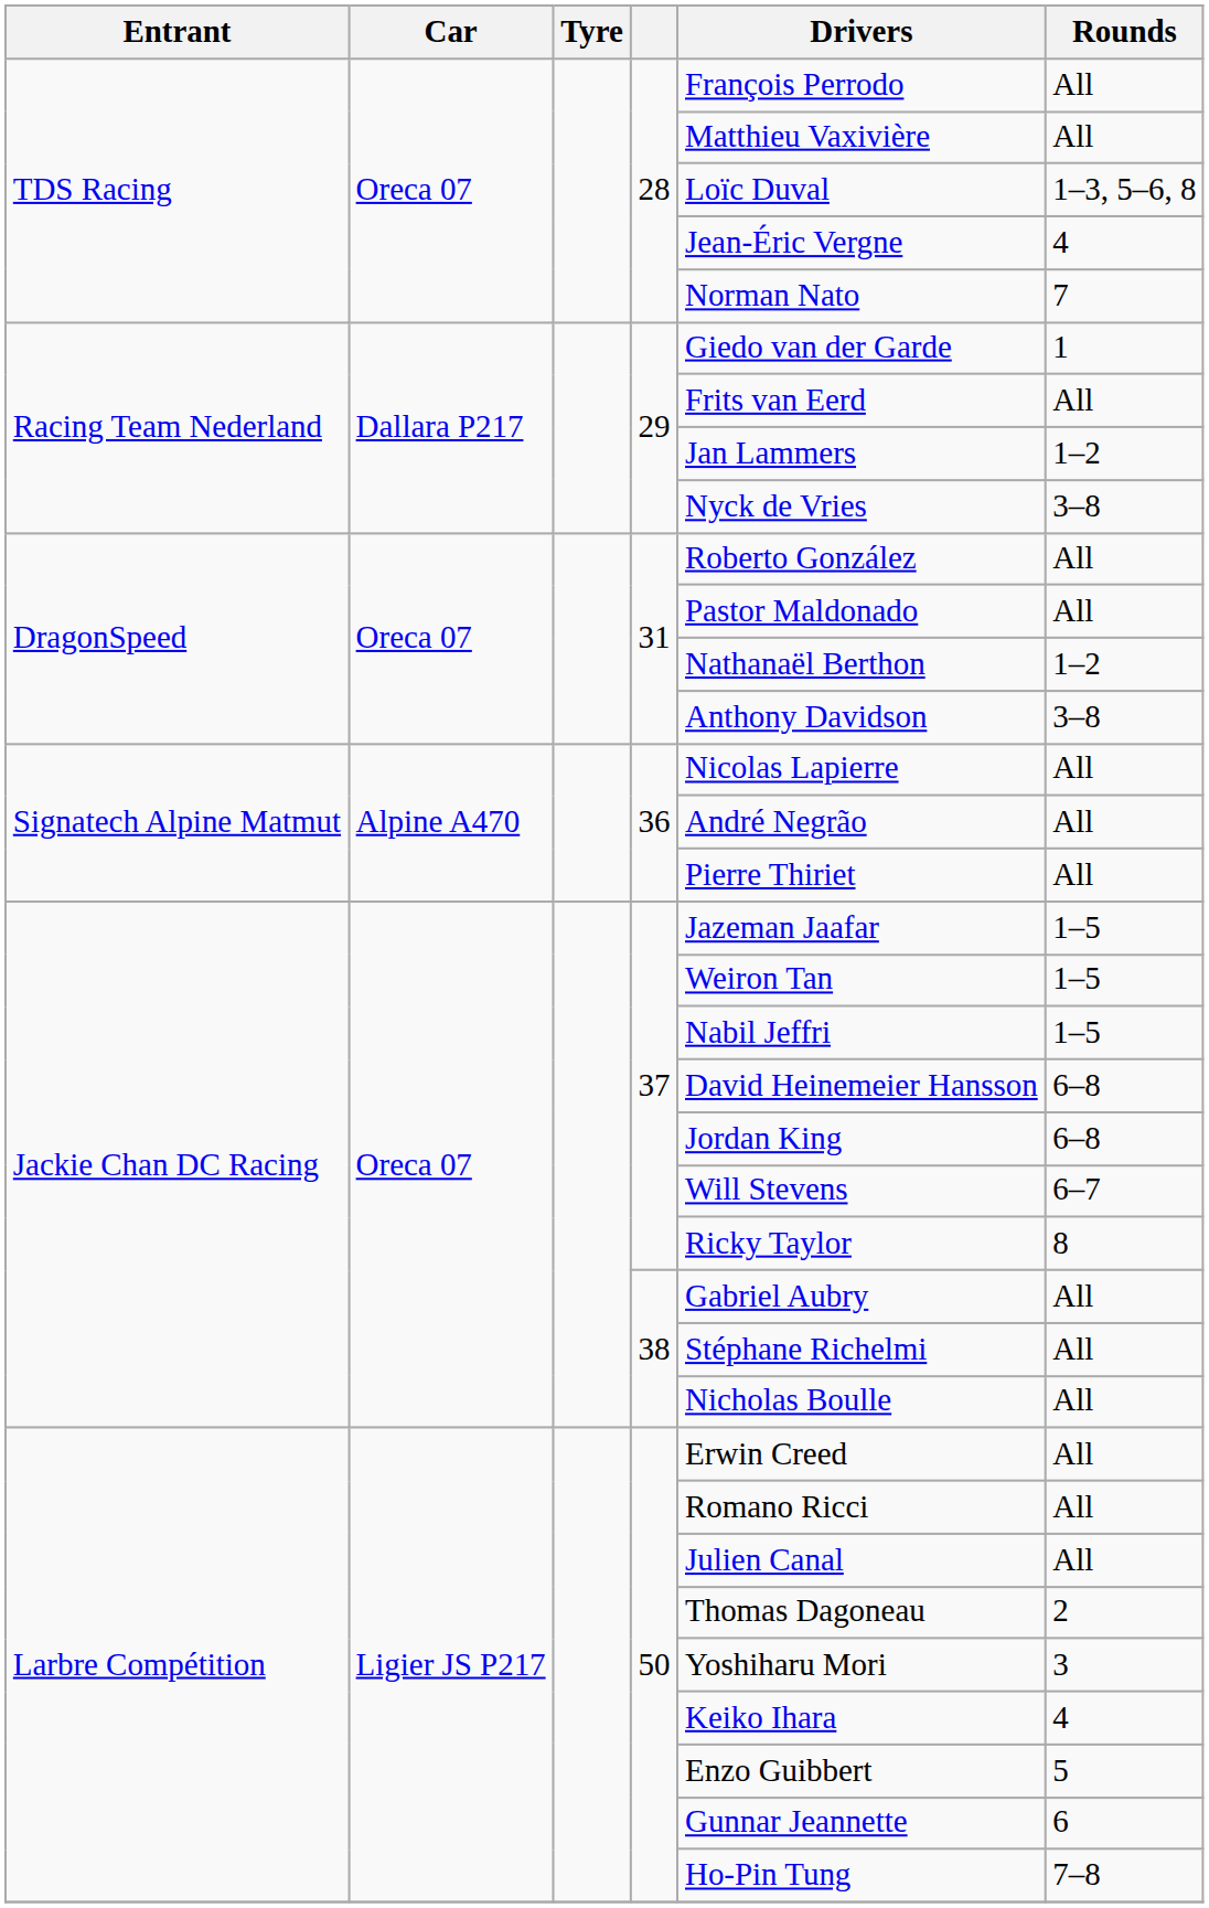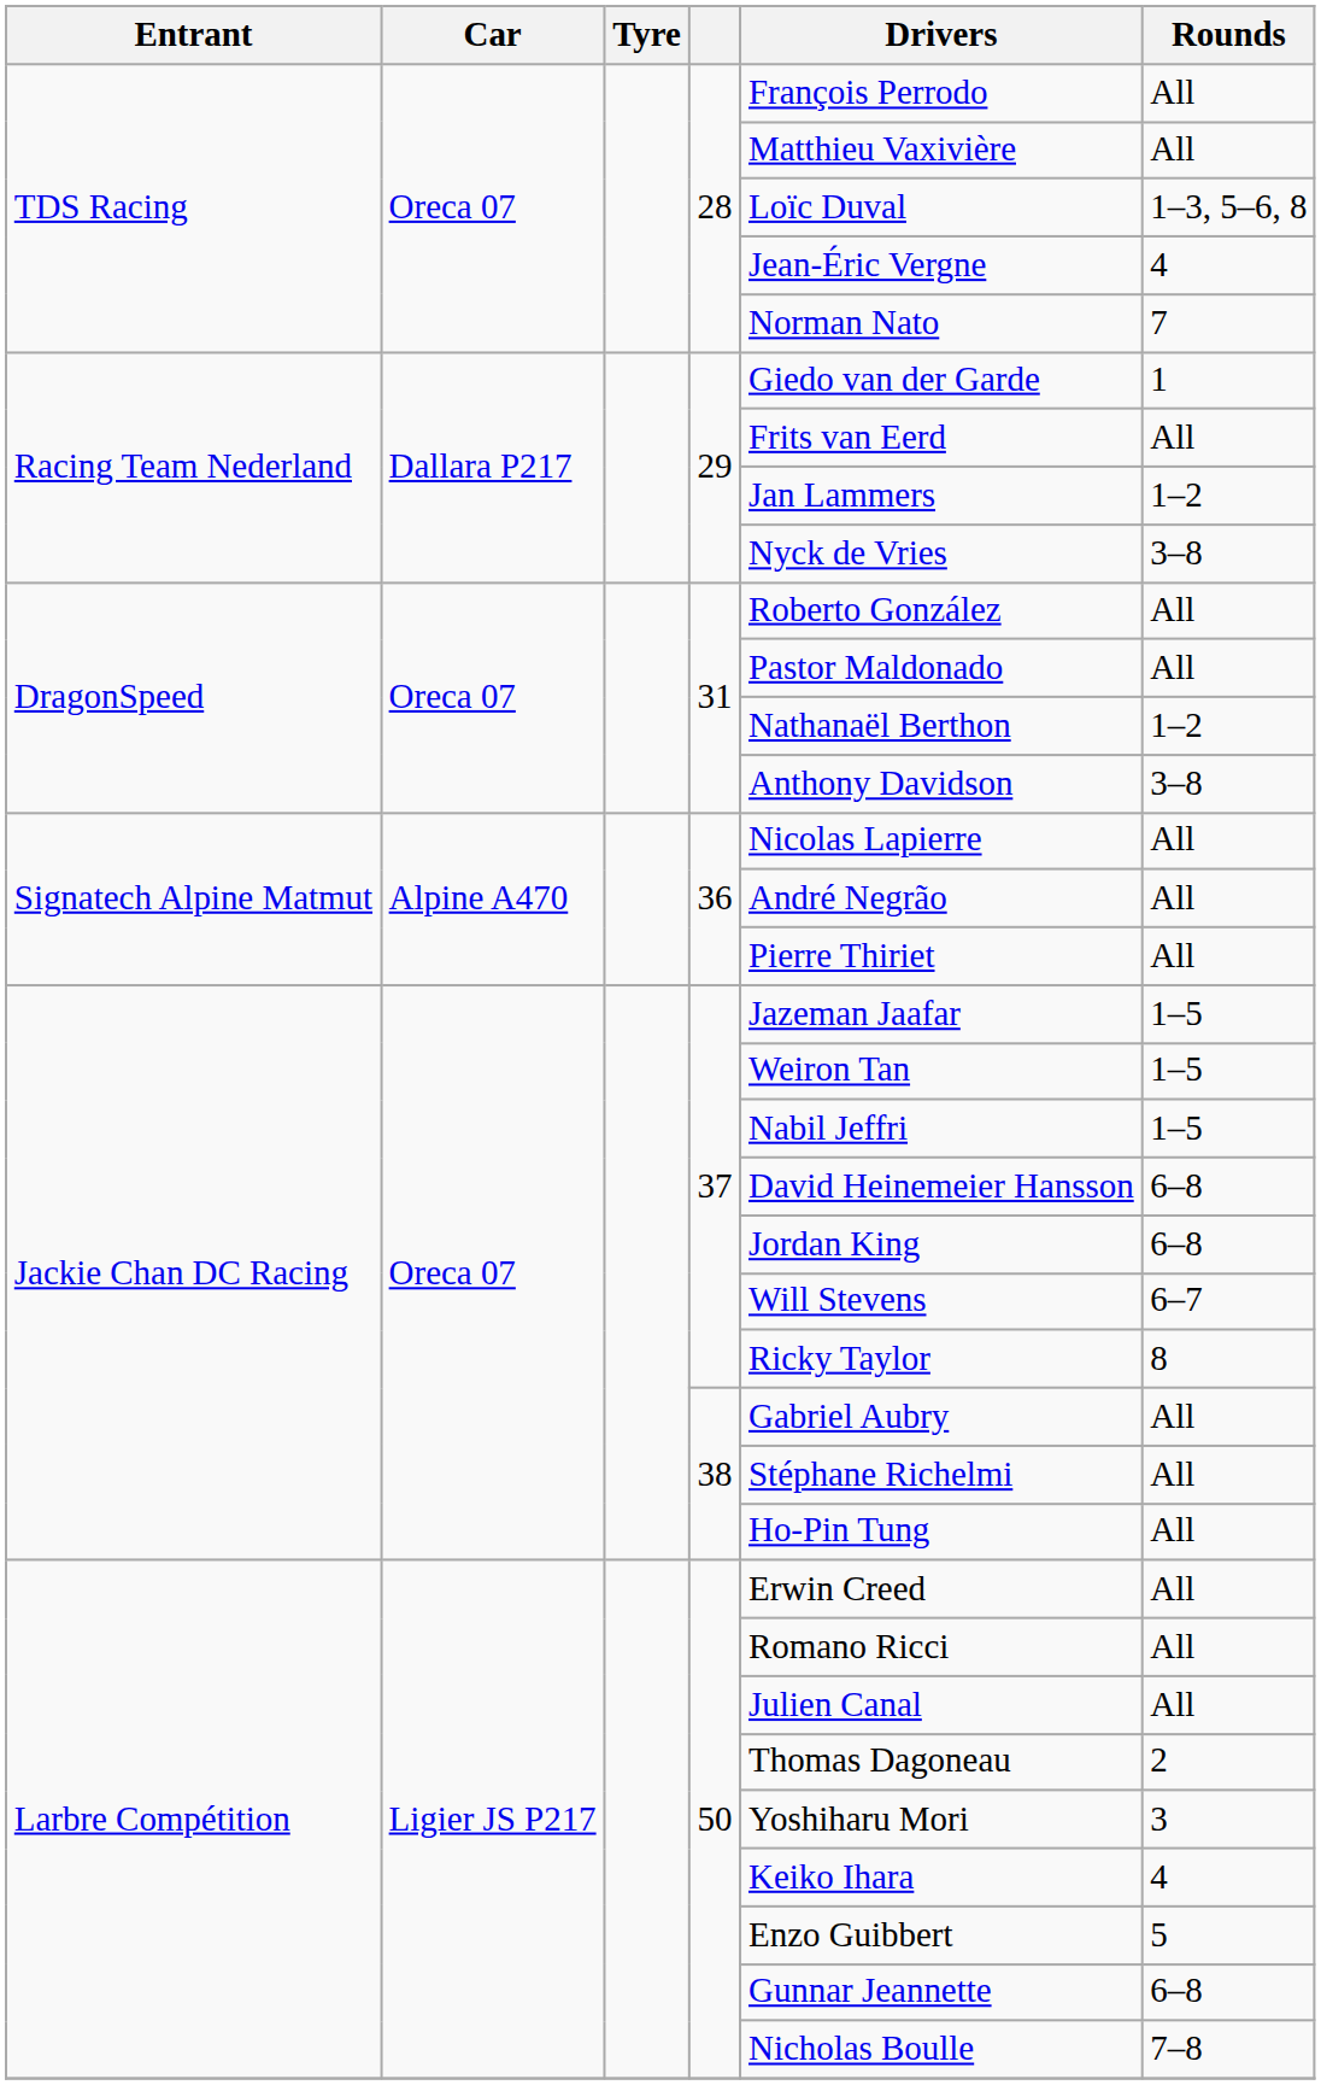 <table class="wikitable" style="font-size: 90%">
 <tr>
 <th>Entrant</th>
 <th>Car</th>
 <th>Tyre</th>
 <th></th>
 <th>Drivers</th>
 <th>Rounds</th>
 </tr>
 <tr>
 <td rowspan=5> <a href='#'>TDS Racing</a></td>
 <td rowspan=5><a href='#'>Oreca 07</a></td>
 <td rowspan=5></td>
 <td rowspan=5>28</td>
 <td> <a href='#'>François Perrodo</a></td>
 <td>All</td>
 </tr>
 <tr>
 <td> <a href='#'>Matthieu Vaxivière</a></td>
 <td>All</td>
 </tr>
 <tr>
 <td> <a href='#'>Loïc Duval</a></td>
 <td>1–3, 5–6, 8</td>
 </tr>
 <tr>
 <td> <a href='#'>Jean-Éric Vergne</a></td>
 <td>4</td>
 </tr>
 <tr>
 <td> <a href='#'>Norman Nato</a></td>
 <td>7</td>
 </tr>
 <tr>
 <td rowspan=4> <a href='#'>Racing Team Nederland</a></td>
 <td rowspan=4><a href='#'>Dallara P217</a></td>
 <td rowspan=4></td>
 <td rowspan=4>29</td>
 <td> <a href='#'>Giedo van der Garde</a></td>
 <td>1</td>
 </tr>
 <tr>
 <td> <a href='#'>Frits van Eerd</a></td>
 <td>All</td>
 </tr>
 <tr>
 <td> <a href='#'>Jan Lammers</a></td>
 <td>1–2</td>
 </tr>
 <tr>
 <td> <a href='#'>Nyck de Vries</a></td>
 <td>3–8</td>
 </tr>
 <tr>
 <td rowspan=4> <a href='#'>DragonSpeed</a></td>
 <td rowspan=4><a href='#'>Oreca 07</a></td>
 <td rowspan=4></td>
 <td rowspan=4>31</td>
 <td> <a href='#'>Roberto González</a></td>
 <td>All</td>
 </tr>
 <tr>
 <td> <a href='#'>Pastor Maldonado</a></td>
 <td>All</td>
 </tr>
 <tr>
 <td> <a href='#'>Nathanaël Berthon</a></td>
 <td>1–2</td>
 </tr>
 <tr>
 <td> <a href='#'>Anthony Davidson</a></td>
 <td>3–8</td>
 </tr>
 <tr>
 <td rowspan=3> <a href='#'>Signatech Alpine Matmut</a></td>
 <td rowspan=3><a href='#'>Alpine A470</a></td>
 <td rowspan=3><br></td>
 <td rowspan=3>36</td>
 <td> <a href='#'>Nicolas Lapierre</a></td>
 <td>All</td>
 </tr>
 <tr>
 <td> <a href='#'>André Negrão</a></td>
 <td>All</td>
 </tr>
 <tr>
 <td> <a href='#'>Pierre Thiriet</a></td>
 <td>All</td>
 </tr>
 <tr>
 <td rowspan=10> <a href='#'>Jackie Chan DC Racing</a></td>
 <td rowspan=10><a href='#'>Oreca 07</a></td>
 <td rowspan=10></td>
 <td rowspan=7>37</td>
 <td> <a href='#'>Jazeman Jaafar</a></td>
 <td>1–5</td>
 </tr>
 <tr>
 <td> <a href='#'>Weiron Tan</a></td>
 <td>1–5</td>
 </tr>
 <tr>
 <td> <a href='#'>Nabil Jeffri</a></td>
 <td>1–5</td>
 </tr>
 <tr>
 <td> <a href='#'>David Heinemeier Hansson</a></td>
 <td>6–8</td>
 </tr>
 <tr>
 <td> <a href='#'>Jordan King</a></td>
 <td>6–8</td>
 </tr>
 <tr>
 <td> <a href='#'>Will Stevens</a></td>
 <td>6–7</td>
 </tr>
 <tr>
 <td> <a href='#'>Ricky Taylor</a></td>
 <td>8</td>
 </tr>
 <tr>
 <td rowspan=3>38</td>
 <td> <a href='#'>Gabriel Aubry</a></td>
 <td>All</td>
 </tr>
 <tr>
 <td> <a href='#'>Stéphane Richelmi</a></td>
 <td>All</td>
 </tr>
 <tr>
-<td> <a href='#'>Nicholas Boulle</a></td>
+<td> <a href='#'>Ho-Pin Tung</a></td>
 <td>All</td>
 </tr>
 <tr>
 <td rowspan=9> <a href='#'>Larbre Compétition</a></td>
 <td rowspan=9><a href='#'>Ligier JS P217</a></td>
 <td rowspan=9></td>
 <td rowspan=9>50</td>
 <td> Erwin Creed</td>
 <td>All</td>
 </tr>
 <tr>
 <td> Romano Ricci</td>
 <td>All</td>
 </tr>
 <tr>
 <td> <a href='#'>Julien Canal</a></td>
 <td>All</td>
 </tr>
 <tr>
 <td> Thomas Dagoneau</td>
 <td>2</td>
 </tr>
 <tr>
 <td> Yoshiharu Mori</td>
 <td>3</td>
 </tr>
 <tr>
 <td> <a href='#'>Keiko Ihara</a></td>
 <td>4</td>
 </tr>
 <tr>
 <td> Enzo Guibbert</td>
 <td>5</td>
 </tr>
 <tr>
 <td> <a href='#'>Gunnar Jeannette</a></td>
-<td>6</td>
+<td>6–8</td>
 </tr>
 <tr>
-<td> <a href='#'>Ho-Pin Tung</a></td>
+<td> <a href='#'>Nicholas Boulle</a></td>
 <td>7–8</td>
 </tr>
 <tr>
 </tr>
 </table>
